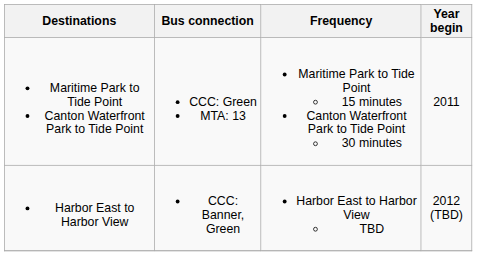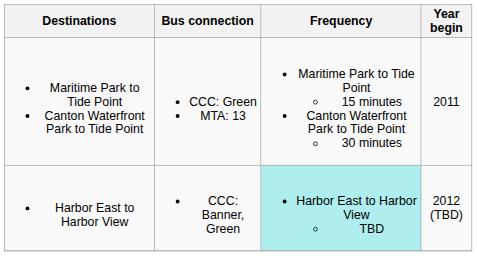 <table class="wikitable">
 <tr>
 <th scope="col">Destinations</th>
 <th scope="col">Bus connection</th>
 <th scope="col">Frequency</th>
 <th scope="col">Year begin</th>
 </tr>
 <tr align="center">
 <td><br><ul><li>Maritime Park to Tide Point</li><li>Canton Waterfront Park to Tide Point</li></ul></td>
 <td><br><ul><li>CCC: Green</li><li>MTA: 13</li></ul></td>
 <td><br><ul><li>Maritime Park to Tide Point<ul><li>15 minutes</li></ul></li><li>Canton Waterfront Park to Tide Point<ul><li>30 minutes</li></ul></li></ul></td>
 <td>2011</td>
 </tr>
 <tr align="center">
 <td><br><ul><li>Harbor East to Harbor View</li></ul></td>
 <td><br><ul><li>CCC: Banner, Green</li></ul></td>
-<td><br><ul><li>Harbor East to Harbor View<ul><li>TBD</li></ul></li></ul></td>
+<td style="background: paleturquoise;"><br><ul><li>Harbor East to Harbor View<ul><li>TBD</li></ul></li></ul></td>
 <td>2012 (TBD)</td>
 </tr>
 <tr align="center">
 </tr>
 </table>
